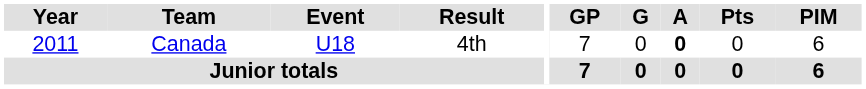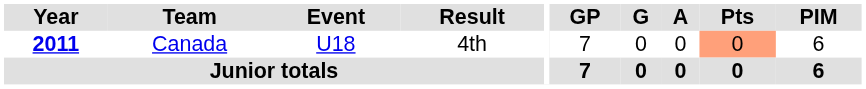 <table border="0" cellpadding="1" cellspacing="0" ID="Table3" style="text-align:center; width:40em">
 <tr ALIGN="centre" bgcolor="#e0e0e0">
 <th>Year</th>
 <th>Team</th>
 <th>Event</th>
 <th>Result</th>
 <th rowspan="99" bgcolor="#ffffff"></th>
 <th>GP</th>
 <th>G</th>
 <th>A</th>
 <th>Pts</th>
 <th>PIM</th>
 </tr>
 <tr>
-<td><a href='#'>2011</a></td>
+<td><strong><a href='#'>2011</a></strong></td>
 <td><a href='#'>Canada</a></td>
 <td><a href='#'>U18</a></td>
 <td>4th</td>
 <td>7</td>
 <td>0</td>
-<td><strong>0</strong></td>
 <td>0</td>
+<td style="background: lightsalmon;">0</td>
 <td>6</td>
 </tr>
 <tr bgcolor="#e0e0e0">
 <th colspan=4>Junior totals</th>
 <th>7</th>
 <th>0</th>
 <th>0</th>
 <th>0</th>
 <th>6</th>
 </tr>
 </table>
